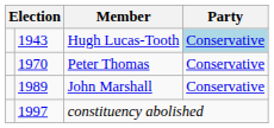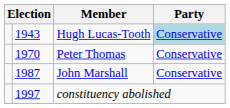 <table class="wikitable">
 <tr>
 <th colspan="2">Election</th>
 <th>Member</th>
 <th>Party</th>
 </tr>
 <tr>
 <td style="color:inherit;background-color: "></td>
 <td><a href='#'>1943</a></td>
 <td><a href='#'>Hugh Lucas-Tooth</a></td>
 <td style="background: lightblue;"><a href='#'>Conservative</a></td>
 </tr>
 <tr>
 <td style="color:inherit;background-color: "></td>
 <td><a href='#'>1970</a></td>
 <td><a href='#'>Peter Thomas</a></td>
 <td><a href='#'>Conservative</a></td>
 </tr>
 <tr>
 <td style="color:inherit;background-color: "></td>
-<td><a href='#'>1989</a></td>
+<td><a href='#'>1987</a></td>
 <td><a href='#'>John Marshall</a></td>
 <td><a href='#'>Conservative</a></td>
 </tr>
 <tr>
 <td></td>
 <td><a href='#'>1997</a></td>
 <td colspan="2"><em>constituency abolished</em></td>
 </tr>
 </table>
